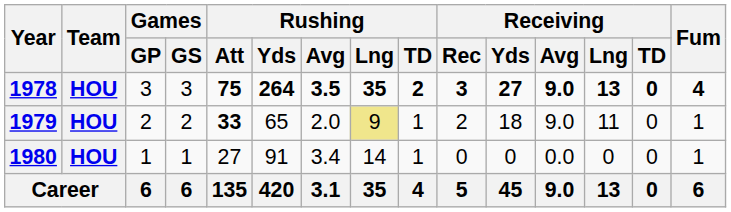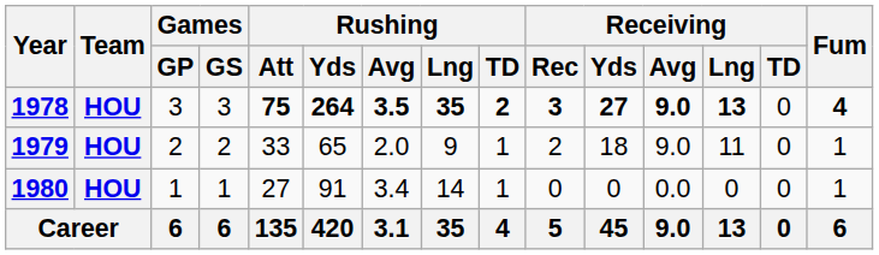 <table class="wikitable" style="text-align:center;">
 <tr>
 <th rowspan="2">Year</th>
 <th rowspan="2">Team</th>
 <th colspan="2">Games</th>
 <th colspan="5">Rushing</th>
 <th colspan="5">Receiving</th>
 <th rowspan="2">Fum</th>
 </tr>
 <tr>
 <th>GP</th>
 <th>GS</th>
 <th>Att</th>
 <th>Yds</th>
 <th>Avg</th>
 <th>Lng</th>
 <th>TD</th>
 <th>Rec</th>
 <th>Yds</th>
 <th>Avg</th>
 <th>Lng</th>
 <th>TD</th>
 </tr>
 <tr>
 <th><a href='#'>1978</a></th>
 <th><a href='#'>HOU</a></th>
 <td>3</td>
 <td>3</td>
 <td><strong>75</strong></td>
 <td><strong>264</strong></td>
 <td><strong>3.5</strong></td>
 <td><strong>35</strong></td>
 <td><strong>2</strong></td>
 <td><strong>3</strong></td>
 <td><strong>27</strong></td>
 <td><strong>9.0</strong></td>
 <td><strong>13</strong></td>
-<td><strong>0</strong></td>
+<td>0</td>
 <td><strong>4</strong></td>
 </tr>
 <tr>
 <th><a href='#'>1979</a></th>
 <th><a href='#'>HOU</a></th>
 <td>2</td>
 <td>2</td>
-<td><strong>33</strong></td>
+<td>33</td>
 <td>65</td>
 <td>2.0</td>
-<td style="background: khaki;">9</td>
+<td>9</td>
 <td>1</td>
 <td>2</td>
 <td>18</td>
 <td>9.0</td>
 <td>11</td>
 <td>0</td>
 <td>1</td>
 </tr>
 <tr>
 <th><a href='#'>1980</a></th>
 <th><a href='#'>HOU</a></th>
 <td>1</td>
 <td>1</td>
 <td>27</td>
 <td>91</td>
 <td>3.4</td>
 <td>14</td>
 <td>1</td>
 <td>0</td>
 <td>0</td>
 <td>0.0</td>
 <td>0</td>
 <td>0</td>
 <td>1</td>
 </tr>
 <tr>
 <th colspan="2">Career</th>
 <th>6</th>
 <th>6</th>
 <th>135</th>
 <th>420</th>
 <th>3.1</th>
 <th>35</th>
 <th>4</th>
 <th>5</th>
 <th>45</th>
 <th>9.0</th>
 <th>13</th>
 <th>0</th>
 <th>6</th>
 </tr>
 </table>
